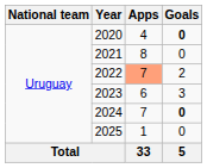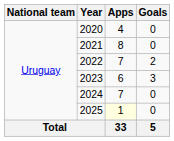 <table class="wikitable" style="text-align:center">
 <tr>
 <th>National team</th>
 <th>Year</th>
 <th>Apps</th>
 <th>Goals</th>
 </tr>
 <tr>
 <td rowspan=6><a href='#'>Uruguay</a></td>
 <td>2020</td>
 <td>4</td>
-<td><strong>0</strong></td>
+<td>0</td>
 </tr>
 <tr>
 <td>2021</td>
 <td>8</td>
 <td>0</td>
 </tr>
 <tr>
 <td>2022</td>
-<td style="background: lightsalmon;">7</td>
+<td>7</td>
 <td>2</td>
 </tr>
 <tr>
 <td>2023</td>
 <td>6</td>
 <td>3</td>
 </tr>
 <tr>
 <td>2024</td>
 <td>7</td>
-<td><strong>0</strong></td>
+<td>0</td>
 </tr>
 <tr>
 <td>2025</td>
-<td>1</td>
+<td style="background: lightyellow;">1</td>
 <td>0</td>
 </tr>
 <tr>
 <th colspan=2>Total</th>
 <th>33</th>
 <th>5</th>
 </tr>
 </table>
